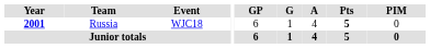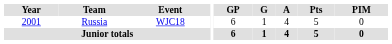 <table border="0" cellpadding="1" cellspacing="0" ID="Table3" style="text-align:center; width:40em">
 <tr ALIGN="center" bgcolor="#e0e0e0">
 <th>Year</th>
 <th>Team</th>
 <th>Event</th>
 <th rowspan="99" bgcolor="#ffffff"></th>
 <th>GP</th>
 <th>G</th>
 <th>A</th>
 <th>Pts</th>
 <th>PIM</th>
 </tr>
 <tr>
-<td><strong><a href='#'>2001</a></strong></td>
+<td><a href='#'>2001</a></td>
 <td><a href='#'>Russia</a></td>
 <td><a href='#'>WJC18</a></td>
 <td>6</td>
 <td>1</td>
 <td>4</td>
-<td><strong>5</strong></td>
+<td>5</td>
 <td>0</td>
 </tr>
 <tr bgcolor="#e0e0e0">
 <th colspan="3">Junior totals</th>
 <th>6</th>
 <th>1</th>
 <th>4</th>
 <th>5</th>
 <th>0</th>
 </tr>
 </table>
